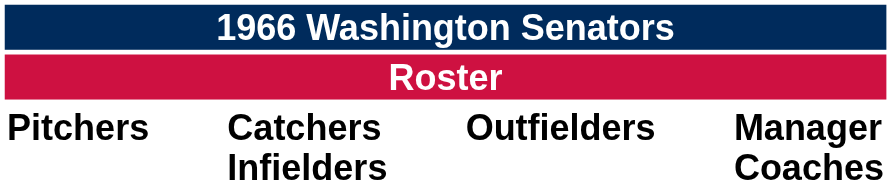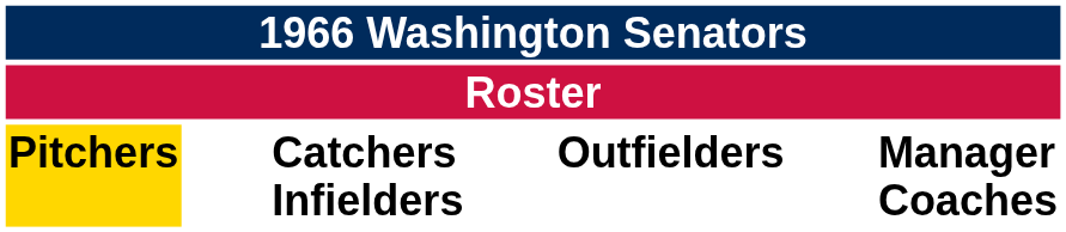 <table class="toccolours" style="font-size: 95%;">
 <tr>
 <th colspan="10" style="background-color: #002B5C; color: #FFFFFF; text-align: center;">1966 Washington Senators</th>
 </tr>
 <tr>
 <td colspan="10" style="background-color: #CE1141; color: #FFFFFF; text-align: center;"><strong>Roster</strong></td>
 </tr>
 <tr>
-<td valign="top"><strong>Pitchers</strong><br>                   </td>
+<td valign="top" style="background: gold;"><strong>Pitchers</strong><br>                   </td>
 <td width="25px"></td>
 <td valign="top"><strong>Catchers</strong><br>    <strong>Infielders</strong>            </td>
 <td width="25px"></td>
 <td valign="top"><strong>Outfielders</strong><br>     </td>
 <td width="25px"></td>
 <td valign="top"><strong>Manager</strong><br> <strong>Coaches</strong>    </td>
 </tr>
 <tr>
 </tr>
 </table>
